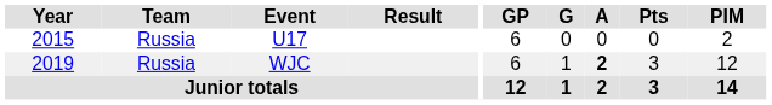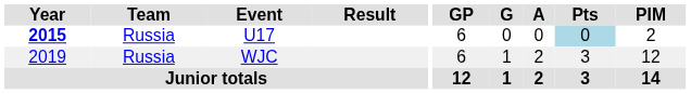 <table border="0" cellpadding="1" cellspacing="0" ID="Table3" style="text-align:center; width:40em">
 <tr bgcolor="#e0e0e0">
 <th>Year</th>
 <th>Team</th>
 <th>Event</th>
 <th>Result</th>
 <th rowspan="102" bgcolor="#ffffff"></th>
 <th>GP</th>
 <th>G</th>
 <th>A</th>
 <th>Pts</th>
 <th>PIM</th>
 </tr>
 <tr>
-<td><a href='#'>2015</a></td>
+<td><strong><a href='#'>2015</a></strong></td>
 <td><a href='#'>Russia</a></td>
 <td><a href='#'>U17</a></td>
 <td></td>
 <td>6</td>
 <td>0</td>
 <td>0</td>
-<td>0</td>
+<td style="background: lightblue;">0</td>
 <td>2</td>
 </tr>
 <tr bgcolor="#f0f0f0">
 <td><a href='#'>2019</a></td>
 <td><a href='#'>Russia</a></td>
 <td><a href='#'>WJC</a></td>
 <td></td>
 <td>6</td>
 <td>1</td>
-<td><strong>2</strong></td>
+<td>2</td>
 <td>3</td>
 <td>12</td>
 </tr>
 <tr bgcolor="#e0e0e0">
 <th colspan="4">Junior totals</th>
 <th>12</th>
 <th>1</th>
 <th>2</th>
 <th>3</th>
 <th>14</th>
 </tr>
 </table>
